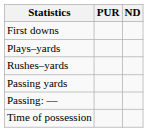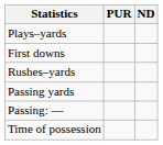 <table class="wikitable" style="float:left">
 <tr>
 <th>Statistics</th>
 <th>PUR</th>
 <th>ND</th>
 </tr>
 <tr>
-<td>First downs</td>
+<td>Plays–yards</td>
 <td></td>
 <td></td>
 </tr>
 <tr>
-<td>Plays–yards</td>
+<td>First downs</td>
 <td></td>
 <td></td>
 </tr>
 <tr>
 <td>Rushes–yards</td>
 <td></td>
 <td></td>
 </tr>
 <tr>
 <td>Passing yards</td>
 <td></td>
 <td></td>
 </tr>
 <tr>
 <td>Passing: ––</td>
 <td></td>
 <td></td>
 </tr>
 <tr>
 <td>Time of possession</td>
 <td></td>
 <td></td>
 </tr>
 </table>
